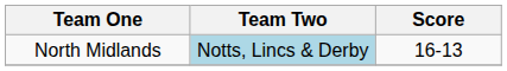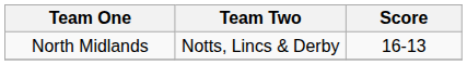 <table class="wikitable" style="text-align: center">
 <tr>
 <th width=150>Team One</th>
 <th width=150>Team Two</th>
 <th width=100>Score</th>
 </tr>
 <tr>
 <td>North Midlands</td>
-<td style="background: lightblue;">Notts, Lincs & Derby</td>
+<td>Notts, Lincs & Derby</td>
 <td>16-13</td>
 </tr>
 <tr>
 </tr>
 </table>
